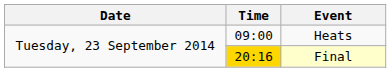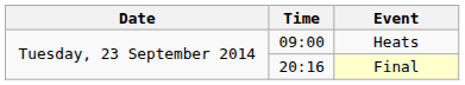 <table class = "wikitable" style="text-align:center;">
 <tr>
 <th width=220>Date</th>
 <th width=50>Time</th>
 <th width=100>Event</th>
 </tr>
 <tr>
 <td rowspan=2>Tuesday, 23 September 2014</td>
 <td>09:00</td>
 <td>Heats</td>
 </tr>
 <tr>
-<td style="background: gold;">20:16</td>
+<td>20:16</td>
 <td bgcolor=ffffcc>Final</td>
 </tr>
 </table>
